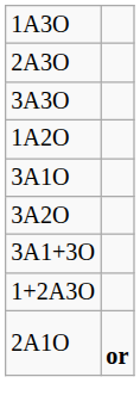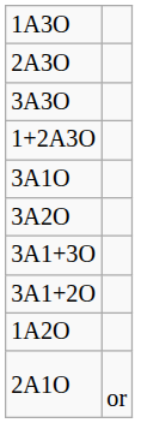 <table class="wikitable">
 <tr>
 <td>1A3O</td>
 <td></td>
 </tr>
 <tr>
 <td>2A3O</td>
 <td></td>
 </tr>
 <tr>
 <td>3A3O</td>
 <td></td>
 </tr>
 <tr>
-<td>1A2O</td>
+<td>1+2A3O</td>
 <td></td>
 </tr>
 <tr>
 <td>3A1O</td>
 <td></td>
 </tr>
 <tr>
 <td>3A2O</td>
 <td></td>
 </tr>
 <tr>
 <td>3A1+3O</td>
 <td></td>
 </tr>
 <tr>
-<td>1+2A3O</td>
+<td>3A1+2O</td>
+<td></td>
+</tr>
+<tr>
+<td>1A2O</td>
 <td></td>
 </tr>
 <tr>
 <td>2A1O</td>
-<td><strong><br>or </strong></td>
+<td><br>or </td>
 </tr>
 </table>
